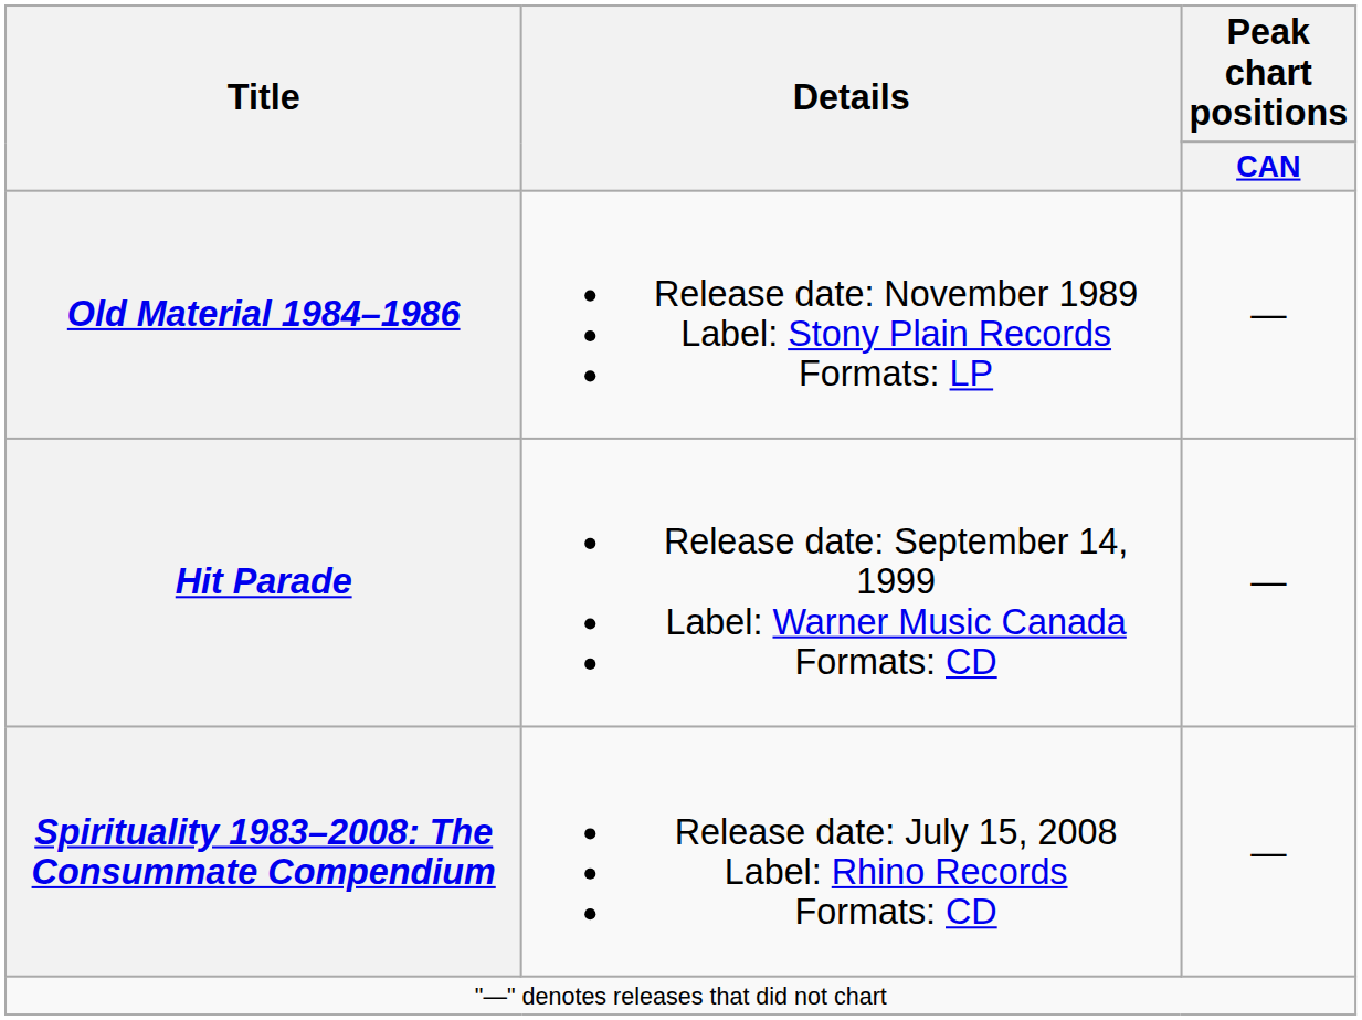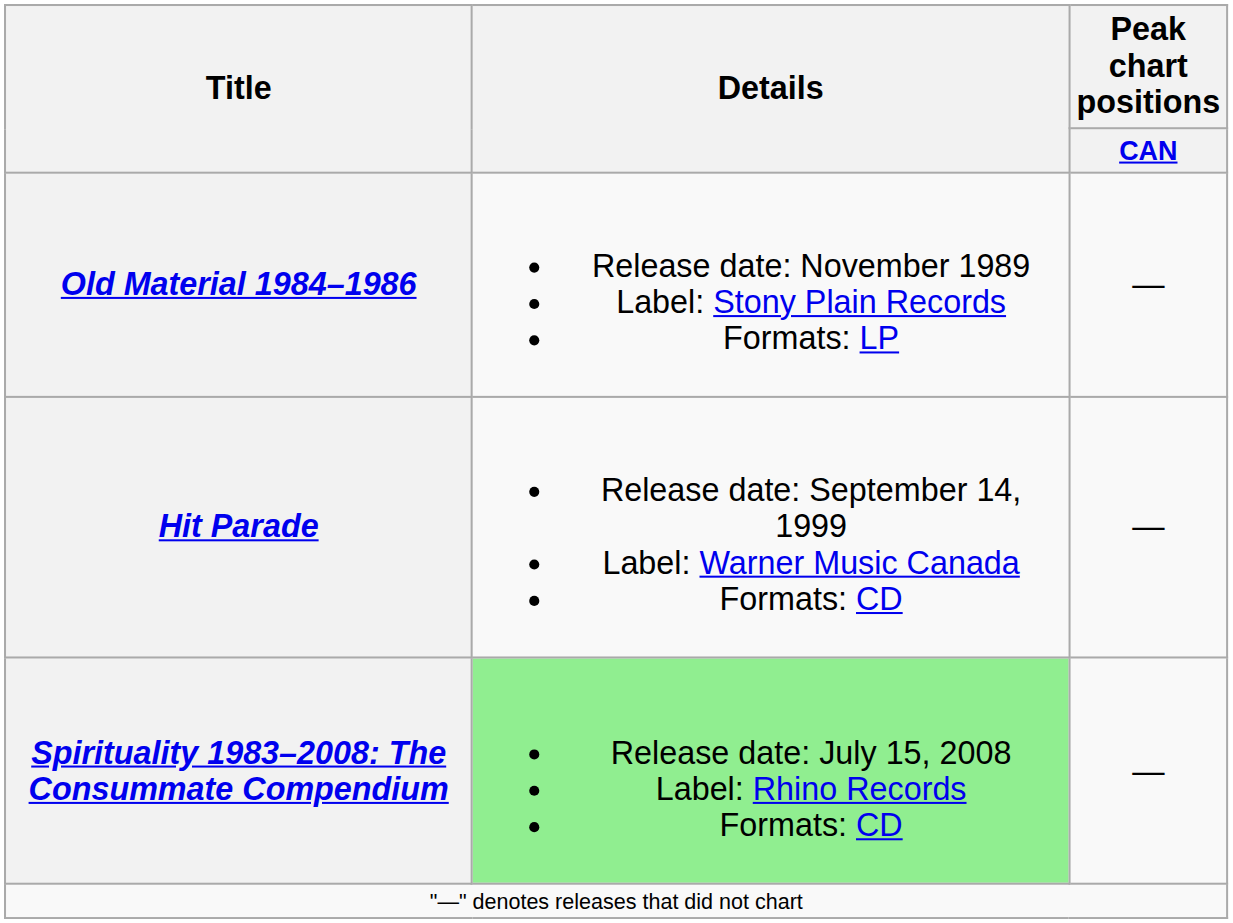 <table class="wikitable plainrowheaders" style="text-align:center;">
 <tr>
 <th rowspan="2" style="width:14em;">Title</th>
 <th rowspan="2" style="width:18em;">Details</th>
 <th colspan="1">Peak chart<br>positions</th>
 </tr>
 <tr style="font-size:smaller;">
 <th style="width:4em;"><a href='#'>CAN</a><br></th>
 </tr>
 <tr>
 <th scope="row"><em><a href='#'>Old Material 1984–1986</a></em></th>
 <td><br><ul><li>Release date: November 1989</li><li>Label: <a href='#'>Stony Plain Records</a></li><li>Formats: <a href='#'>LP</a></li></ul></td>
 <td>—</td>
 </tr>
 <tr>
 <th scope="row"><em><a href='#'>Hit Parade</a></em></th>
 <td><br><ul><li>Release date: September 14, 1999</li><li>Label: <a href='#'>Warner Music Canada</a></li><li>Formats: <a href='#'>CD</a></li></ul></td>
 <td>—</td>
 </tr>
 <tr>
 <th scope="row"><em><a href='#'>Spirituality 1983–2008: The Consummate Compendium</a></em></th>
-<td><br><ul><li>Release date: July 15, 2008</li><li>Label: <a href='#'>Rhino Records</a></li><li>Formats: <a href='#'>CD</a></li></ul></td>
+<td style="background: lightgreen;"><br><ul><li>Release date: July 15, 2008</li><li>Label: <a href='#'>Rhino Records</a></li><li>Formats: <a href='#'>CD</a></li></ul></td>
 <td>—</td>
 </tr>
 <tr>
 <td colspan="10" style="font-size:8pt">"—" denotes releases that did not chart</td>
 </tr>
 </table>
